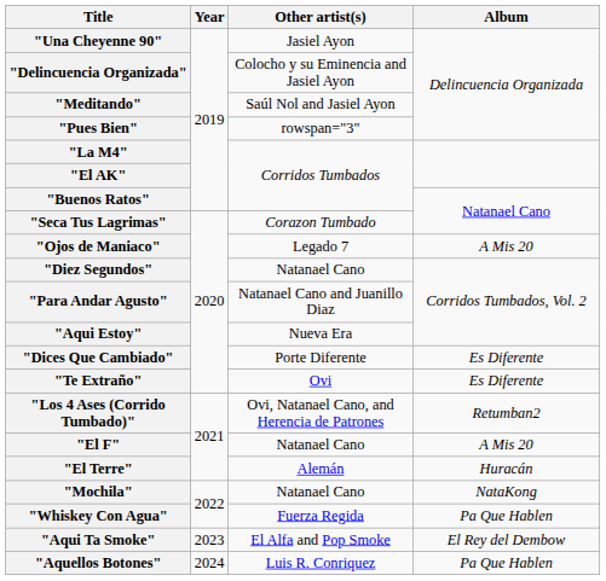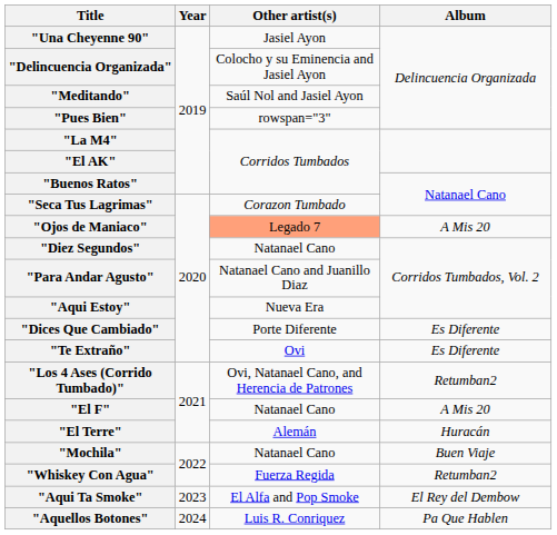 <table class="wikitable plainrowheaders" style="text-align:center;">
 <tr>
 <th scope="col" style="width:12em;">Title</th>
 <th scope="col">Year</th>
 <th scope="col" style="width:12em;">Other artist(s)</th>
 <th scope="col" style="width:12em;">Album</th>
 </tr>
 <tr>
 <th scope="row">"Una Cheyenne 90"</th>
 <td rowspan="7">2019</td>
 <td>Jasiel Ayon</td>
 <td rowspan="4"><em>Delincuencia Organizada</em></td>
 </tr>
 <tr>
 <th scope="row">"Delincuencia Organizada"</th>
 <td>Colocho y su Eminencia and Jasiel Ayon</td>
 </tr>
 <tr>
 <th scope="row">"Meditando"</th>
 <td>Saúl Nol and Jasiel Ayon</td>
 </tr>
 <tr>
 <th scope="row">"Pues Bien"</th>
 <td>rowspan="3" </td>
 </tr>
 <tr>
 <th scope="row">"La M4"</th>
 <td rowspan="3"><em>Corridos Tumbados</em></td>
 </tr>
 <tr>
 <th scope="row">"El AK"</th>
 </tr>
 <tr>
 <th scope="row">"Buenos Ratos"</th>
 <td rowspan="2"><a href='#'>Natanael Cano</a></td>
 </tr>
 <tr>
 <th scope="row">"Seca Tus Lagrimas"</th>
 <td rowspan="7">2020</td>
 <td><em>Corazon Tumbado</em></td>
 </tr>
 <tr>
 <th scope="row">"Ojos de Maniaco"</th>
-<td>Legado 7</td>
+<td style="background: lightsalmon;">Legado 7</td>
 <td><em>A Mis 20</em></td>
 </tr>
 <tr>
 <th scope="row">"Diez Segundos"</th>
 <td>Natanael Cano</td>
 <td rowspan="3"><em>Corridos Tumbados, Vol. 2</em></td>
 </tr>
 <tr>
 <th scope="row">"Para Andar Agusto"</th>
 <td>Natanael Cano and Juanillo Diaz</td>
 </tr>
 <tr>
 <th scope="row">"Aqui Estoy"</th>
 <td>Nueva Era</td>
 </tr>
 <tr>
 <th scope="row">"Dices Que Cambiado"</th>
 <td>Porte Diferente</td>
 <td><em>Es Diferente</em></td>
 </tr>
 <tr>
 <th scope="row">"Te Extraño"</th>
 <td><a href='#'>Ovi</a></td>
 <td><em>Es Diferente</em></td>
 </tr>
 <tr>
 <th scope="row">"Los 4 Ases (Corrido Tumbado)"</th>
 <td rowspan="3">2021</td>
 <td>Ovi, Natanael Cano, and <a href='#'>Herencia de Patrones</a></td>
 <td><em>Retumban2</em></td>
 </tr>
 <tr>
 <th scope="row">"El F"</th>
 <td>Natanael Cano</td>
 <td><em>A Mis 20</em></td>
 </tr>
 <tr>
 <th scope="row">"El Terre"</th>
 <td><a href='#'>Alemán</a></td>
 <td><em>Huracán</em></td>
 </tr>
 <tr>
 <th scope="row">"Mochila"</th>
 <td rowspan="2">2022</td>
 <td>Natanael Cano</td>
-<td><em>NataKong</em></td>
+<td><em>Buen Viaje</em></td>
 </tr>
 <tr>
 <th scope="row">"Whiskey Con Agua"</th>
 <td><a href='#'>Fuerza Regida</a></td>
-<td><em>Pa Que Hablen</em></td>
+<td><em>Retumban2</em></td>
 </tr>
 <tr>
 <th scope="row">"Aqui Ta Smoke"</th>
 <td>2023</td>
 <td><a href='#'>El Alfa</a> and <a href='#'>Pop Smoke</a></td>
 <td><em>El Rey del Dembow</em></td>
 </tr>
 <tr>
 <th scope="row">"Aquellos Botones"</th>
 <td>2024</td>
 <td><a href='#'>Luis R. Conriquez</a></td>
 <td><em>Pa Que Hablen</em></td>
 </tr>
 </table>
